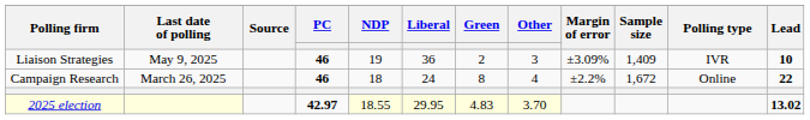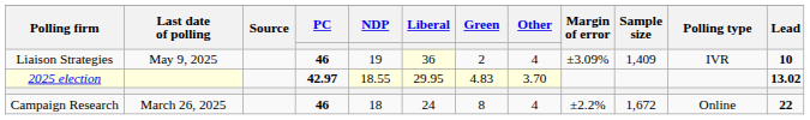 <table class="wikitable" style="text-align:center;font-size:90%;line-height:14px">
 <tr>
 </tr>
 <tr style="height:40px;">
 <th style="width:120px" rowspan="2">Polling firm</th>
 <th style="width:120px" rowspan="2">Last date<br>of polling</th>
 <th style="width:50px;" rowspan="2">Source</th>
 <th style="width:50px;"><a href='#'>PC</a></th>
 <th style="width:50px;"><a href='#'>NDP</a></th>
 <th style="width:50px;"><a href='#'>Liberal</a></th>
 <th style="width:50px;"><a href='#'>Green</a></th>
 <th style="width:50px;"><a href='#'>Other</a></th>
 <th rowspan="2" style="width:50px;">Margin of error</th>
 <th rowspan="2" style="width:50px;">Sample size</th>
 <th rowspan="2" style="width:100px;">Polling type</th>
 <th rowspan="2" style="width:20px;" data-sort-type="number">Lead</th>
 </tr>
 <tr class="sorttop">
 <th style="background:"></th>
 <th style="background:"></th>
 <th style="background:"></th>
 <th style="background:"></th>
 <th style="background:"></th>
 </tr>
 <tr>
 <td>Liaison Strategies</td>
 <td>May 9, 2025</td>
 <td></td>
 <td><strong>46</strong></td>
 <td>19</td>
-<td>36</td>
+<td style="background: lightyellow;">36</td>
 <td>2</td>
-<td>3</td>
+<td>4</td>
 <td>±3.09%</td>
 <td>1,409</td>
 <td>IVR</td>
 <td><strong>10</strong></td>
 </tr>
 <tr>
-<td>Campaign Research</td>
-<td>March 26, 2025</td>
+<td style="background:#ffd;"><em><a href='#'>2025 election</a></em></td>
+<td style="background:#ffd;"></td>
 <td></td>
-<td><strong>46</strong></td>
-<td>18</td>
-<td>24</td>
-<td>8</td>
-<td>4</td>
-<td>±2.2%</td>
-<td>1,672</td>
-<td>Online</td>
-<td><strong>22</strong></td>
+<td><strong>42.97</strong></td>
+<td style="background:#ffd;">18.55</td>
+<td style="background:#ffd;">29.95</td>
+<td style="background:#ffd;">4.83</td>
+<td style="background:#ffd;">3.70</td>
+<td></td>
+<td></td>
+<td></td>
+<td><strong>13.02</strong></td>
 </tr>
 <tr>
 <th></th>
 <th></th>
 <th></th>
 <th></th>
 <th></th>
 <th></th>
 <th></th>
 <th></th>
 <th></th>
 <th></th>
 <th></th>
 <th></th>
 </tr>
 <tr>
-<td style="background:#ffd;"><em><a href='#'>2025 election</a></em></td>
-<td style="background:#ffd;"></td>
+<td>Campaign Research</td>
+<td>March 26, 2025</td>
 <td></td>
-<td><strong>42.97</strong></td>
-<td style="background:#ffd;">18.55</td>
-<td style="background:#ffd;">29.95</td>
-<td style="background:#ffd;">4.83</td>
-<td style="background:#ffd;">3.70</td>
-<td></td>
-<td></td>
-<td></td>
-<td><strong>13.02</strong></td>
+<td><strong>46</strong></td>
+<td>18</td>
+<td>24</td>
+<td>8</td>
+<td>4</td>
+<td>±2.2%</td>
+<td>1,672</td>
+<td>Online</td>
+<td><strong>22</strong></td>
 </tr>
 </table>
